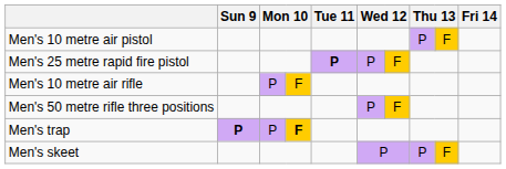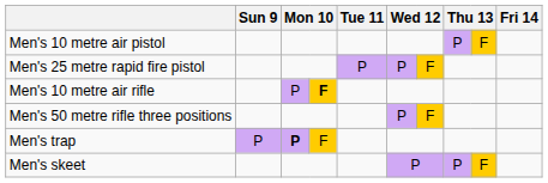 <table class="wikitable" style="margin:0.5em auto; font-size:90%; line-height:1.25em; text-align:center;">
 <tr>
 <th></th>
 <th>Sun 9</th>
 <th colspan=2>Mon 10</th>
 <th>Tue 11</th>
 <th colspan=2>Wed 12</th>
 <th colspan=2>Thu 13</th>
 <th>Fri 14</th>
 </tr>
 <tr>
 <td align=left>Men's 10 metre air pistol</td>
 <td></td>
 <td colspan=2></td>
 <td></td>
 <td colspan=2></td>
 <td style="background-color:#D0A9F5;">P</td>
 <td style="background-color:#FFCC00;">F</td>
 <td></td>
 </tr>
 <tr>
 <td align=left>Men's 25 metre rapid fire pistol</td>
 <td></td>
 <td colspan=2></td>
-<td style="background-color:#D0A9F5;"><strong>P</strong></td>
+<td style="background-color:#D0A9F5;">P</td>
 <td style="background-color:#D0A9F5;">P</td>
 <td style="background-color:#FFCC00;">F</td>
 <td colspan=2></td>
 <td colspan=2></td>
 </tr>
 <tr>
 <td align=left>Men's 10 metre air rifle</td>
 <td></td>
 <td style="background-color:#D0A9F5;">P</td>
-<td style="background-color:#FFCC00;">F</td>
+<td style="background-color:#FFCC00;"><strong>F</strong></td>
 <td></td>
 <td colspan=2></td>
 <td colspan=2></td>
 <td colspan=2></td>
 </tr>
 <tr>
 <td align=left>Men's 50 metre rifle three positions</td>
 <td></td>
 <td colspan=2></td>
 <td></td>
 <td style="background-color:#D0A9F5;">P</td>
 <td style="background-color:#FFCC00;">F</td>
 <td colspan=2></td>
 <td colspan=2></td>
 </tr>
 <tr>
 <td align=left>Men's trap</td>
+<td style="background-color:#D0A9F5;">P</td>
 <td style="background-color:#D0A9F5;"><strong>P</strong></td>
-<td style="background-color:#D0A9F5;">P</td>
-<td style="background-color:#FFCC00;"><strong>F</strong></td>
+<td style="background-color:#FFCC00;">F</td>
 <td></td>
 <td colspan=2></td>
 <td colspan=2></td>
 </tr>
 <tr>
 <td align=left>Men's skeet</td>
 <td></td>
 <td colspan=2></td>
 <td></td>
 <td colspan=2 style="background-color:#D0A9F5;">P</td>
 <td style="background-color:#D0A9F5;">P</td>
 <td style="background-color:#FFCC00;">F</td>
 <td colspan=2></td>
 </tr>
 </table>
